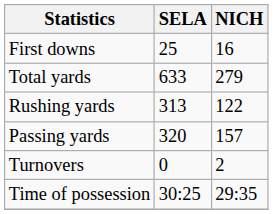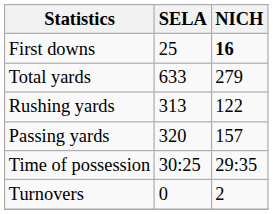 <table class="wikitable">
 <tr>
 <th>Statistics</th>
 <th>SELA</th>
 <th>NICH</th>
 </tr>
 <tr>
 <td>First downs</td>
 <td>25</td>
-<td>16</td>
+<td><strong>16</strong></td>
 </tr>
 <tr>
 <td>Total yards</td>
 <td>633</td>
 <td>279</td>
 </tr>
 <tr>
 <td>Rushing yards</td>
 <td>313</td>
 <td>122</td>
 </tr>
 <tr>
 <td>Passing yards</td>
 <td>320</td>
 <td>157</td>
 </tr>
 <tr>
+<td>Time of possession</td>
+<td>30:25</td>
+<td>29:35</td>
+</tr>
+<tr>
 <td>Turnovers</td>
 <td>0</td>
 <td>2</td>
 </tr>
 <tr>
-<td>Time of possession</td>
-<td>30:25</td>
-<td>29:35</td>
-</tr>
-<tr>
 </tr>
 </table>
